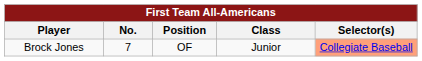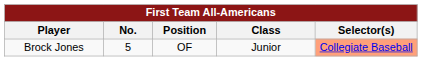 <table class="wikitable" style="text-align:center">
 <tr>
 <td colspan="5" style= "background: #8C1515; color:white"><strong>First Team All-Americans</strong></td>
 </tr>
 <tr>
 <th style="width:150px; ">Player</th>
 <th style="width:70px; ">No.</th>
 <th style="width:90px; ">Position</th>
 <th style="width:150px; ">Class</th>
 <th style="width:150px; ">Selector(s)</th>
 </tr>
 <tr>
 <td>Brock Jones</td>
-<td>7</td>
+<td>5</td>
 <td>OF</td>
 <td>Junior</td>
 <td style="background: lightsalmon;"><a href='#'>Collegiate Baseball</a></td>
 </tr>
 </table>
